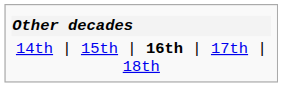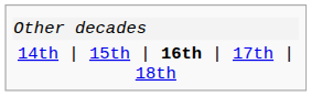 <table class="infobox" width=230>
 <tr>
 <td></td>
 </tr>
 <tr style="background-color:#f3f3f3">
-<td><strong><em>Other decades</em></strong></td>
+<td><em>Other decades</em></td>
 </tr>
 <tr>
 <td align="center"><a href='#'>14th</a> | <a href='#'>15th</a> | <strong>16th</strong> | <a href='#'>17th</a> | <a href='#'>18th</a></td>
 </tr>
 </table>
